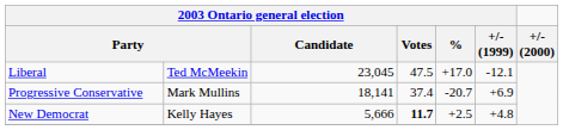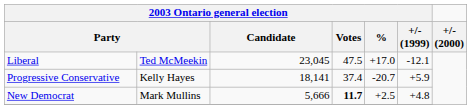 <table class="wikitable">
 <tr>
 <th colspan="6"><a href='#'>2003 Ontario general election</a></th>
 </tr>
 <tr>
 <th colspan="2" style="width: 200px">Party</th>
 <th style="width: 170px">Candidate</th>
 <th style="width: 40px">Votes</th>
 <th style="width: 40px">%</th>
 <th style="width: 40px">+/- <br> (1999)</th>
 <th style="width: 40px">+/- <br> (2000)</th>
 </tr>
 <tr>
 <td style="width: 185px"><a href='#'>Liberal</a></td>
 <td><a href='#'>Ted McMeekin</a></td>
 <td align=right>23,045</td>
 <td align=right>47.5</td>
 <td align=right>+17.0</td>
 <td align=right>-12.1</td>
 </tr>
 <tr>
 <td style="width: 185px"><a href='#'>Progressive Conservative</a></td>
-<td>Mark Mullins</td>
+<td>Kelly Hayes</td>
 <td align=right>18,141</td>
 <td align=right>37.4</td>
 <td align=right>-20.7</td>
-<td align=right>+6.9</td>
+<td align=right>+5.9</td>
 </tr>
 <tr>
 <td style="width: 185px"><a href='#'>New Democrat</a></td>
-<td>Kelly Hayes</td>
+<td>Mark Mullins</td>
 <td align=right>5,666</td>
 <td align=right><strong>11.7</strong></td>
 <td align=right>+2.5</td>
 <td align=right>+4.8<br>  </td>
 </tr>
 <tr>
 </tr>
 </table>
